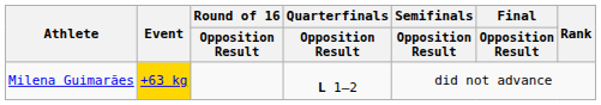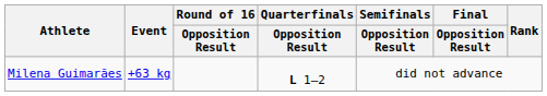 <table class="wikitable" style="font-size:90%;">
 <tr>
 <th rowspan=2>Athlete</th>
 <th rowspan=2>Event</th>
 <th>Round of 16</th>
 <th>Quarterfinals</th>
 <th>Semifinals</th>
 <th>Final</th>
 <th rowspan=2>Rank</th>
 </tr>
 <tr style="font-size:95%">
 <th>Opposition<br>Result</th>
 <th>Opposition<br>Result</th>
 <th>Opposition<br>Result</th>
 <th>Opposition<br>Result</th>
 </tr>
 <tr align=center>
 <td align=left><a href='#'>Milena Guimarães</a></td>
-<td align=left style="background: gold;"><a href='#'>+63 kg</a></td>
+<td align=left><a href='#'>+63 kg</a></td>
 <td></td>
 <td><br><strong>L</strong> 1–2</td>
 <td colspan=3>did not advance</td>
 </tr>
 </table>
